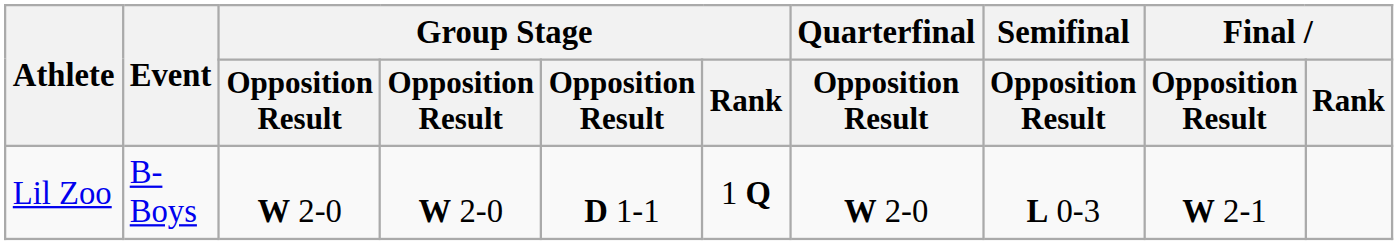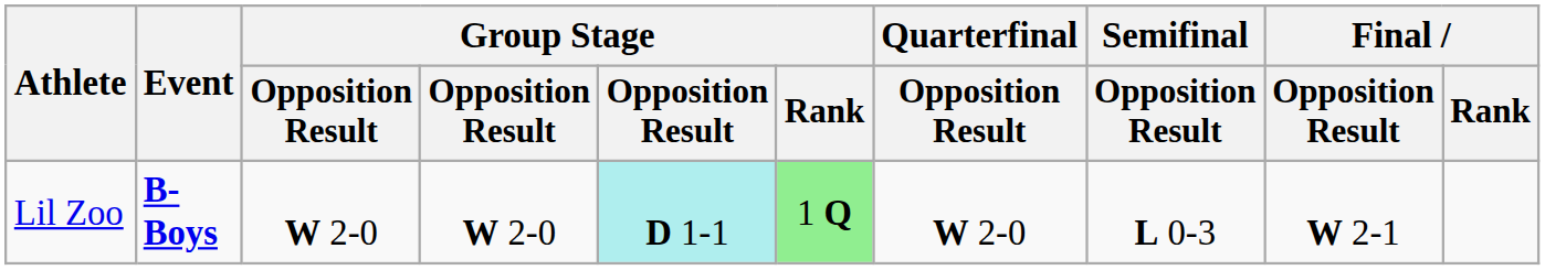 <table class="wikitable" style="text-align:center; font-size:90%">
 <tr>
 <th rowspan="2">Athlete</th>
 <th rowspan="2">Event</th>
 <th colspan="4">Group Stage</th>
 <th>Quarterfinal</th>
 <th>Semifinal</th>
 <th colspan="2">Final / </th>
 </tr>
 <tr style="font-size:95%">
 <th>Opposition<br>Result</th>
 <th>Opposition<br>Result</th>
 <th>Opposition<br>Result</th>
 <th>Rank</th>
 <th>Opposition<br>Result</th>
 <th>Opposition<br>Result</th>
 <th>Opposition<br>Result</th>
 <th>Rank</th>
 </tr>
 <tr>
 <td align="left"><a href='#'>Lil Zoo</a></td>
-<td align="left"><a href='#'>B-Boys</a></td>
+<td align="left"><strong><a href='#'>B-Boys</a></strong></td>
 <td><br><strong>W</strong> 2-0</td>
 <td><br><strong>W</strong> 2-0</td>
-<td><br><strong>D</strong> 1-1</td>
-<td>1 <strong>Q</strong></td>
+<td style="background: paleturquoise;"><br><strong>D</strong> 1-1</td>
+<td style="background: lightgreen;">1 <strong>Q</strong></td>
 <td><br><strong>W</strong> 2-0</td>
 <td><br><strong>L</strong> 0-3</td>
 <td><br><strong>W</strong> 2-1</td>
 <td></td>
 </tr>
 </table>
